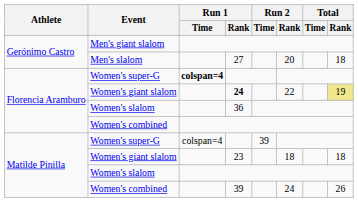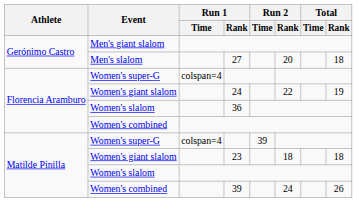 <table class="wikitable" style="font-size:90%">
 <tr>
 <th rowspan=2>Athlete</th>
 <th rowspan=2>Event</th>
 <th colspan=2>Run 1</th>
 <th colspan=2>Run 2</th>
 <th colspan=2>Total</th>
 </tr>
 <tr style="font-size:95%">
 <th>Time</th>
 <th>Rank</th>
 <th>Time</th>
 <th>Rank</th>
 <th>Time</th>
 <th>Rank</th>
 </tr>
 <tr align=center>
 <td align="left" rowspan="2"><a href='#'>Gerónimo Castro</a></td>
 <td align="left"><a href='#'>Men's giant slalom</a></td>
 <td colspan=6></td>
 </tr>
 <tr align=center>
 <td align="left"><a href='#'>Men's slalom</a></td>
 <td></td>
 <td>27</td>
 <td></td>
 <td>20</td>
 <td></td>
 <td>18</td>
 </tr>
 <tr align=center>
 <td align="left" rowspan="4"><a href='#'>Florencia Aramburo</a></td>
 <td align="left"><a href='#'>Women's super-G</a></td>
-<td><strong>colspan=4</strong></td>
+<td>colspan=4</td>
 <td colspan=2></td>
 </tr>
 <tr align=center>
 <td align="left"><a href='#'>Women's giant slalom</a></td>
 <td></td>
-<td><strong>24</strong></td>
+<td>24</td>
 <td></td>
 <td>22</td>
 <td></td>
-<td style="background: khaki;">19</td>
+<td>19</td>
 </tr>
 <tr align=center>
 <td align="left"><a href='#'>Women's slalom</a></td>
 <td></td>
 <td>36</td>
 <td colspan=4></td>
 </tr>
 <tr align=center>
 <td align="left"><a href='#'>Women's combined</a></td>
 <td colspan=6></td>
 </tr>
 <tr align=center>
 <td align="left" rowspan="4"><a href='#'>Matilde Pinilla</a></td>
 <td align="left"><a href='#'>Women's super-G</a></td>
 <td>colspan=4</td>
 <td></td>
 <td>39</td>
 </tr>
 <tr align=center>
 <td align="left"><a href='#'>Women's giant slalom</a></td>
 <td></td>
 <td>23</td>
 <td></td>
 <td>18</td>
 <td></td>
 <td>18</td>
 </tr>
 <tr align=center>
 <td align="left"><a href='#'>Women's slalom</a></td>
 <td colspan=6></td>
 </tr>
 <tr align=center>
 <td align="left"><a href='#'>Women's combined</a></td>
 <td></td>
 <td>39</td>
 <td></td>
 <td>24</td>
 <td></td>
 <td>26</td>
 </tr>
 </table>
